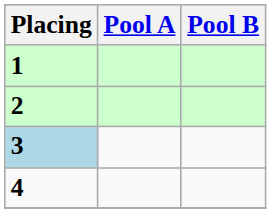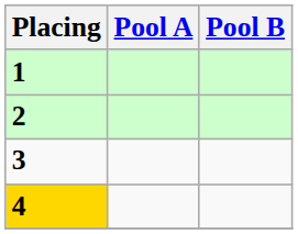 <table class=wikitable style="border:1px solid #AAAAAA;">
 <tr>
 <th>Placing</th>
 <th><a href='#'>Pool A</a></th>
 <th><a href='#'>Pool B</a></th>
 </tr>
 <tr style="background: #ccffcc;">
 <td><strong>1</strong></td>
 <td></td>
 <td></td>
 </tr>
 <tr style="background: #ccffcc;">
 <td><strong>2</strong></td>
 <td></td>
 <td></td>
 </tr>
 <tr>
-<td style="background: lightblue;"><strong>3</strong></td>
+<td><strong>3</strong></td>
 <td></td>
 <td></td>
 </tr>
 <tr>
-<td><strong>4</strong></td>
+<td style="background: gold;"><strong>4</strong></td>
 <td> </td>
 <td></td>
 </tr>
 <tr>
 </tr>
 </table>
